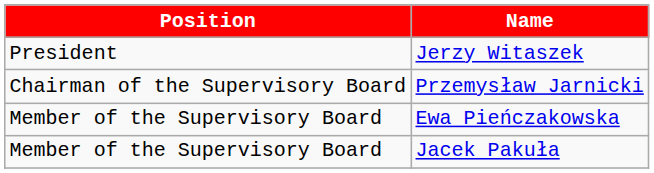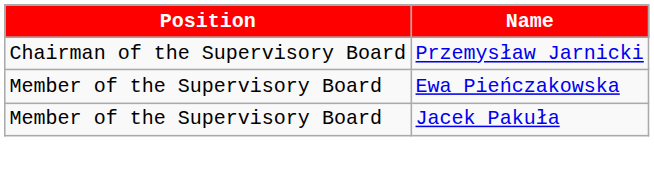 <table class="wikitable">
 <tr>
 <th style="color:#FFFFFF; background:#FF0000">Position</th>
 <th style="color:#FFFFFF; background:#FF0000">Name</th>
-</tr>
-<tr>
-<td>President</td>
-<td> <a href='#'>Jerzy Witaszek</a></td>
 </tr>
 <tr>
 <td>Chairman of the Supervisory Board</td>
 <td> <a href='#'>Przemysław Jarnicki</a></td>
 </tr>
 <tr>
 <td>Member of the Supervisory Board</td>
 <td> <a href='#'>Ewa Pieńczakowska</a></td>
 </tr>
 <tr>
 <td>Member of the Supervisory Board</td>
 <td> <a href='#'>Jacek Pakuła</a></td>
 </tr>
 </table>
